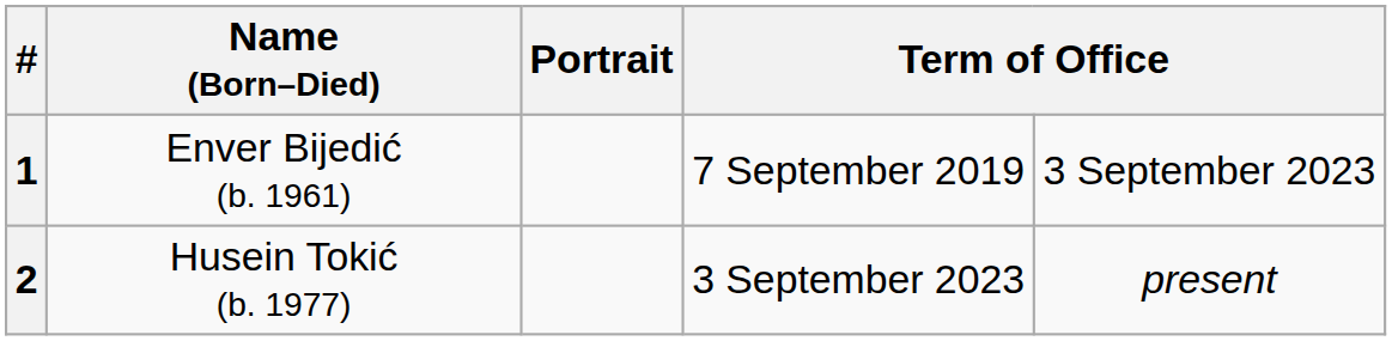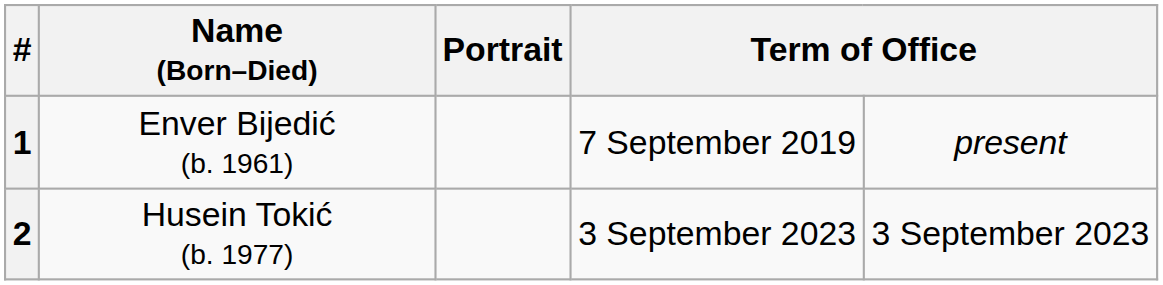 <table class="wikitable" style="text-align:center">
 <tr ->
 <th>#</th>
 <th width=180>Name<br><small>(Born–Died)</small></th>
 <th>Portrait</th>
 <th colspan=2>Term of Office</th>
 </tr>
 <tr ->
 <th align=center style="background: ">1</th>
 <td>Enver Bijedić<br><small>(b. 1961)</small></td>
 <td></td>
 <td>7 September 2019</td>
-<td>3 September 2023</td>
+<td><em>present</em></td>
 </tr>
 <tr ->
 <th align=center style="background: ">2</th>
 <td>Husein Tokić<br><small>(b. 1977)</small></td>
 <td></td>
 <td>3 September 2023</td>
-<td><em>present</em></td>
+<td>3 September 2023</td>
 </tr>
 </table>
